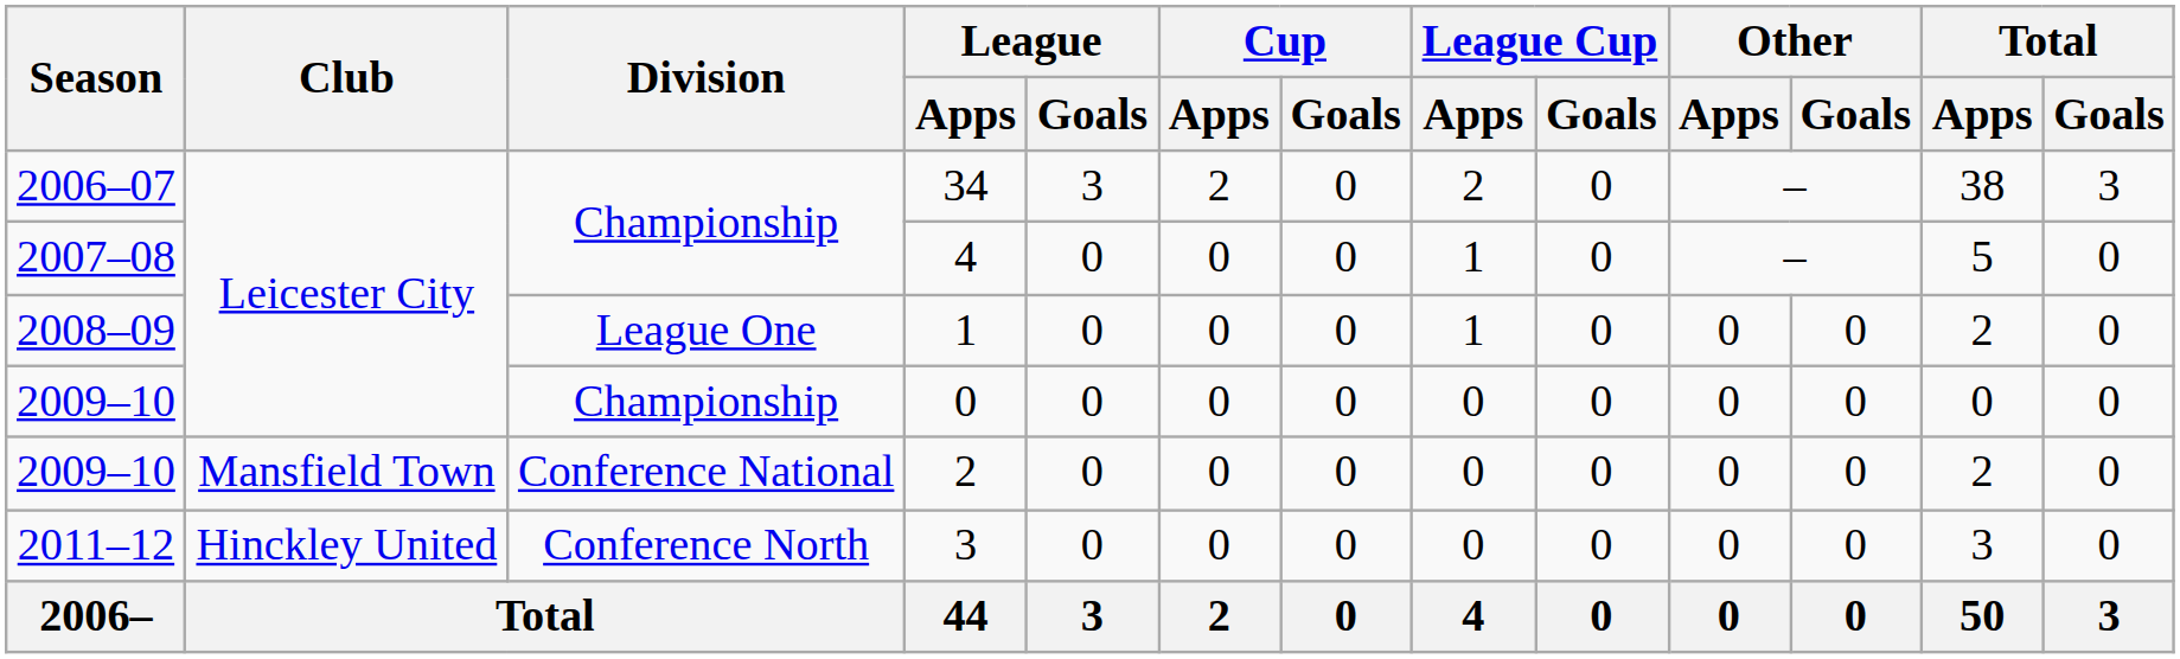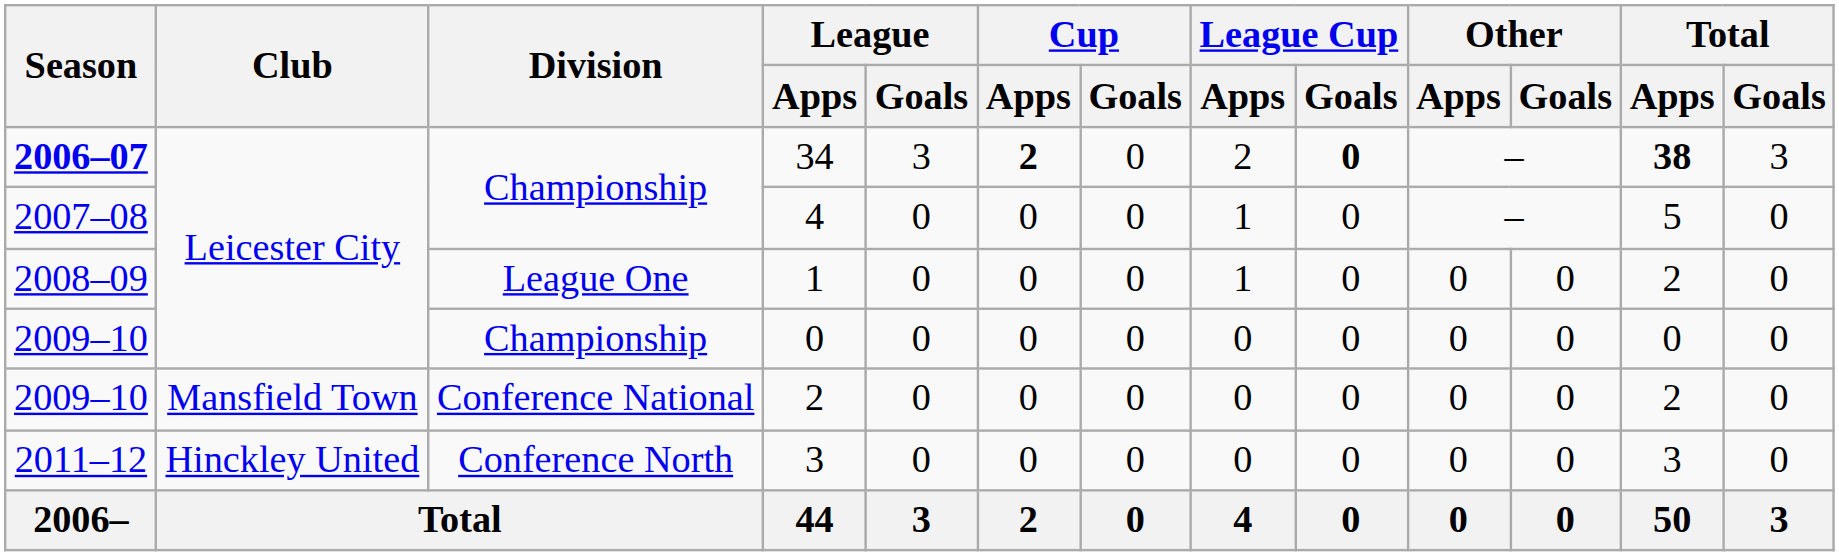 <table class="wikitable" style="text-align: center;">
 <tr>
 <th rowspan="2">Season</th>
 <th rowspan="2">Club</th>
 <th rowspan="2">Division</th>
 <th colspan="2">League</th>
 <th colspan="2"><a href='#'>Cup</a></th>
 <th colspan="2"><a href='#'>League Cup</a></th>
 <th colspan="2">Other</th>
 <th colspan="2">Total</th>
 </tr>
 <tr>
 <th>Apps</th>
 <th>Goals</th>
 <th>Apps</th>
 <th>Goals</th>
 <th>Apps</th>
 <th>Goals</th>
 <th>Apps</th>
 <th>Goals</th>
 <th>Apps</th>
 <th>Goals</th>
 </tr>
 <tr>
-<td><a href='#'>2006–07</a></td>
+<td><strong><a href='#'>2006–07</a></strong></td>
 <td rowspan="4"><a href='#'>Leicester City</a></td>
 <td rowspan="2"><a href='#'>Championship</a></td>
 <td>34</td>
 <td>3</td>
-<td>2</td>
+<td><strong>2</strong></td>
 <td>0</td>
 <td>2</td>
-<td>0</td>
+<td><strong>0</strong></td>
 <td colspan="2">–</td>
-<td>38</td>
+<td><strong>38</strong></td>
 <td>3</td>
 </tr>
 <tr>
 <td><a href='#'>2007–08</a></td>
 <td>4</td>
 <td>0</td>
 <td>0</td>
 <td>0</td>
 <td>1</td>
 <td>0</td>
 <td colspan="2">–</td>
 <td>5</td>
 <td>0</td>
 </tr>
 <tr>
 <td><a href='#'>2008–09</a></td>
 <td><a href='#'>League One</a></td>
 <td>1</td>
 <td>0</td>
 <td>0</td>
 <td>0</td>
 <td>1</td>
 <td>0</td>
 <td>0</td>
 <td>0</td>
 <td>2</td>
 <td>0</td>
 </tr>
 <tr>
 <td><a href='#'>2009–10</a></td>
 <td><a href='#'>Championship</a></td>
 <td>0</td>
 <td>0</td>
 <td>0</td>
 <td>0</td>
 <td>0</td>
 <td>0</td>
 <td>0</td>
 <td>0</td>
 <td>0</td>
 <td>0</td>
 </tr>
 <tr>
 <td><a href='#'>2009–10</a></td>
 <td rowspan="1"><a href='#'>Mansfield Town</a></td>
 <td><a href='#'>Conference National</a></td>
 <td>2</td>
 <td>0</td>
 <td>0</td>
 <td>0</td>
 <td>0</td>
 <td>0</td>
 <td>0</td>
 <td>0</td>
 <td>2</td>
 <td>0</td>
 </tr>
 <tr>
 <td><a href='#'>2011–12</a></td>
 <td rowspan="1"><a href='#'>Hinckley United</a></td>
 <td><a href='#'>Conference North</a></td>
 <td>3</td>
 <td>0</td>
 <td>0</td>
 <td>0</td>
 <td>0</td>
 <td>0</td>
 <td>0</td>
 <td>0</td>
 <td>3</td>
 <td>0</td>
 </tr>
 <tr>
 <th>2006–</th>
 <th colspan="2">Total</th>
 <th>44</th>
 <th>3</th>
 <th>2</th>
 <th>0</th>
 <th>4</th>
 <th>0</th>
 <th>0</th>
 <th>0</th>
 <th>50</th>
 <th>3</th>
 </tr>
 </table>
